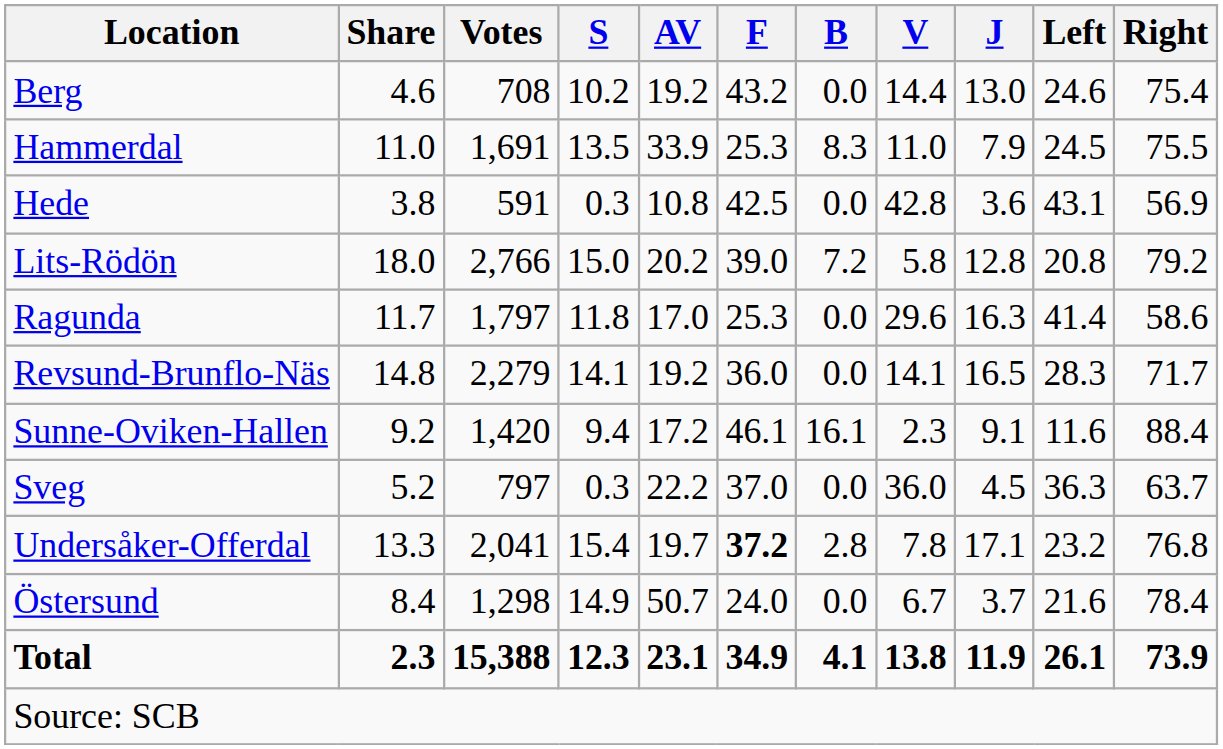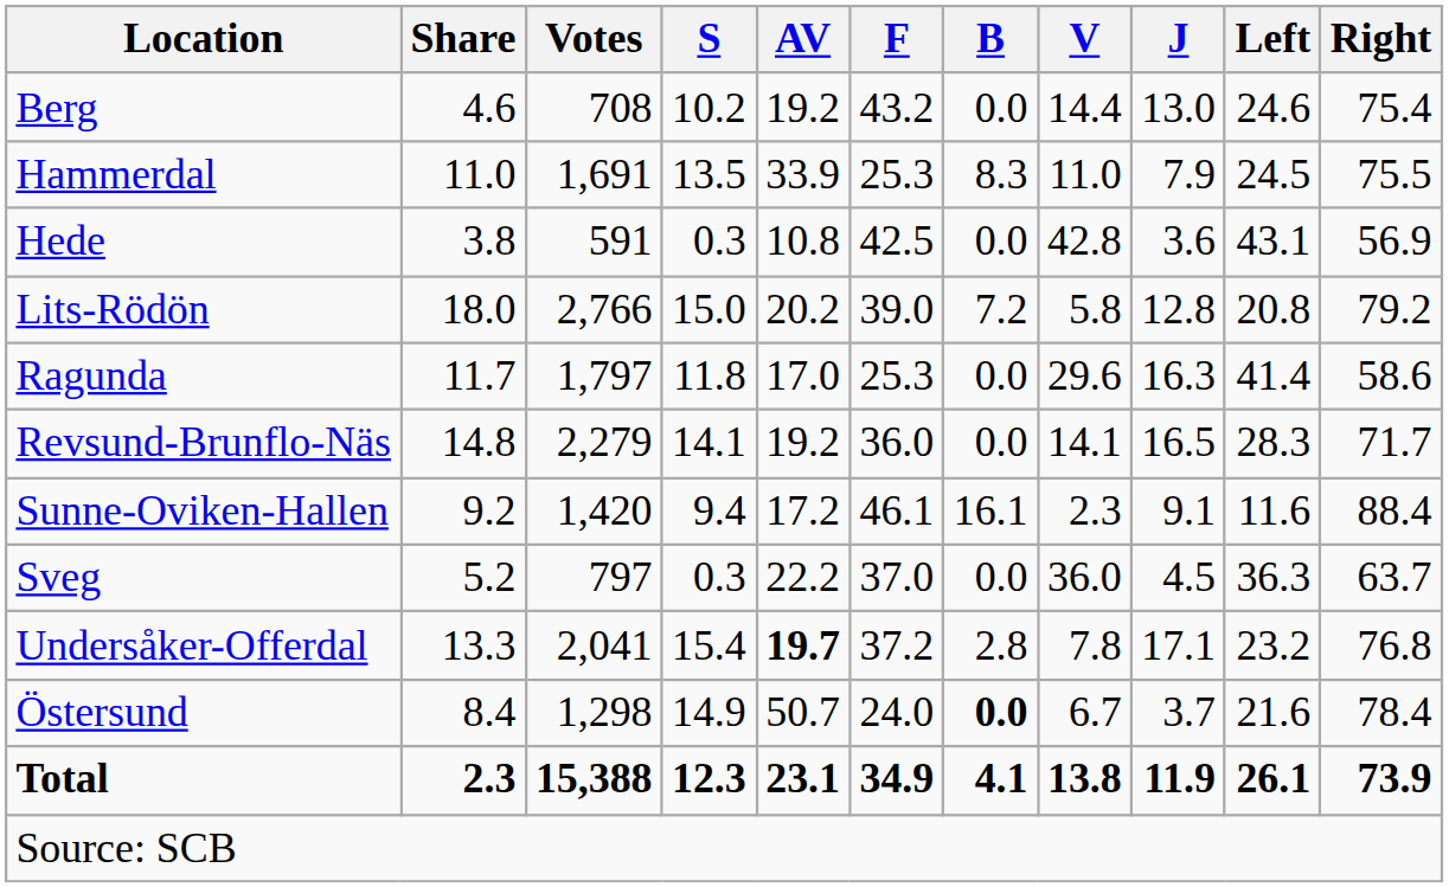 <table class="wikitable sortable" style=text-align:right>
 <tr>
 <th>Location</th>
 <th>Share</th>
 <th>Votes</th>
 <th><a href='#'>S</a></th>
 <th><a href='#'>AV</a></th>
 <th><a href='#'>F</a></th>
 <th><a href='#'>B</a></th>
 <th><a href='#'>V</a></th>
 <th><a href='#'>J</a></th>
 <th>Left</th>
 <th>Right</th>
 </tr>
 <tr>
 <td align=left><a href='#'>Berg</a></td>
 <td>4.6</td>
 <td>708</td>
 <td>10.2</td>
 <td>19.2</td>
 <td>43.2</td>
 <td>0.0</td>
 <td>14.4</td>
 <td>13.0</td>
 <td>24.6</td>
 <td>75.4</td>
 </tr>
 <tr>
 <td align=left><a href='#'>Hammerdal</a></td>
 <td>11.0</td>
 <td>1,691</td>
 <td>13.5</td>
 <td>33.9</td>
 <td>25.3</td>
 <td>8.3</td>
 <td>11.0</td>
 <td>7.9</td>
 <td>24.5</td>
 <td>75.5</td>
 </tr>
 <tr>
 <td align=left><a href='#'>Hede</a></td>
 <td>3.8</td>
 <td>591</td>
 <td>0.3</td>
 <td>10.8</td>
 <td>42.5</td>
 <td>0.0</td>
 <td>42.8</td>
 <td>3.6</td>
 <td>43.1</td>
 <td>56.9</td>
 </tr>
 <tr>
 <td align=left><a href='#'>Lits-Rödön</a></td>
 <td>18.0</td>
 <td>2,766</td>
 <td>15.0</td>
 <td>20.2</td>
 <td>39.0</td>
 <td>7.2</td>
 <td>5.8</td>
 <td>12.8</td>
 <td>20.8</td>
 <td>79.2</td>
 </tr>
 <tr>
 <td align=left><a href='#'>Ragunda</a></td>
 <td>11.7</td>
 <td>1,797</td>
 <td>11.8</td>
 <td>17.0</td>
 <td>25.3</td>
 <td>0.0</td>
 <td>29.6</td>
 <td>16.3</td>
 <td>41.4</td>
 <td>58.6</td>
 </tr>
 <tr>
 <td align=left><a href='#'>Revsund-Brunflo-Näs</a></td>
 <td>14.8</td>
 <td>2,279</td>
 <td>14.1</td>
 <td>19.2</td>
 <td>36.0</td>
 <td>0.0</td>
 <td>14.1</td>
 <td>16.5</td>
 <td>28.3</td>
 <td>71.7</td>
 </tr>
 <tr>
 <td align=left><a href='#'>Sunne-Oviken-Hallen</a></td>
 <td>9.2</td>
 <td>1,420</td>
 <td>9.4</td>
 <td>17.2</td>
 <td>46.1</td>
 <td>16.1</td>
 <td>2.3</td>
 <td>9.1</td>
 <td>11.6</td>
 <td>88.4</td>
 </tr>
 <tr>
 <td align=left><a href='#'>Sveg</a></td>
 <td>5.2</td>
 <td>797</td>
 <td>0.3</td>
 <td>22.2</td>
 <td>37.0</td>
 <td>0.0</td>
 <td>36.0</td>
 <td>4.5</td>
 <td>36.3</td>
 <td>63.7</td>
 </tr>
 <tr>
 <td align=left><a href='#'>Undersåker-Offerdal</a></td>
 <td>13.3</td>
 <td>2,041</td>
 <td>15.4</td>
-<td>19.7</td>
-<td><strong>37.2</strong></td>
+<td><strong>19.7</strong></td>
+<td>37.2</td>
 <td>2.8</td>
 <td>7.8</td>
 <td>17.1</td>
 <td>23.2</td>
 <td>76.8</td>
 </tr>
 <tr>
 <td align=left><a href='#'>Östersund</a></td>
 <td>8.4</td>
 <td>1,298</td>
 <td>14.9</td>
 <td>50.7</td>
 <td>24.0</td>
-<td>0.0</td>
+<td><strong>0.0</strong></td>
 <td>6.7</td>
 <td>3.7</td>
 <td>21.6</td>
 <td>78.4</td>
 </tr>
 <tr>
 <td align=left><strong>Total</strong></td>
 <td><strong>2.3</strong></td>
 <td><strong>15,388</strong></td>
 <td><strong>12.3</strong></td>
 <td><strong>23.1</strong></td>
 <td><strong>34.9</strong></td>
 <td><strong>4.1</strong></td>
 <td><strong>13.8</strong></td>
 <td><strong>11.9</strong></td>
 <td><strong>26.1</strong></td>
 <td><strong>73.9</strong></td>
 </tr>
 <tr>
 <td align=left colspan=11>Source: SCB </td>
 </tr>
 </table>
